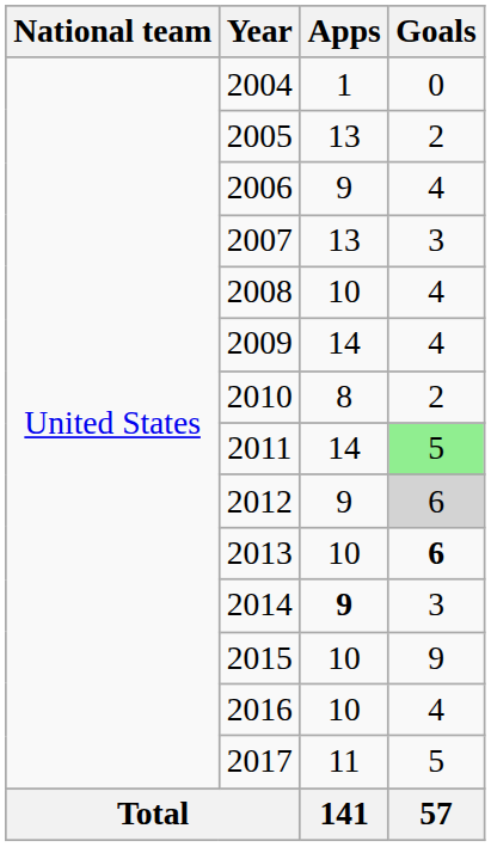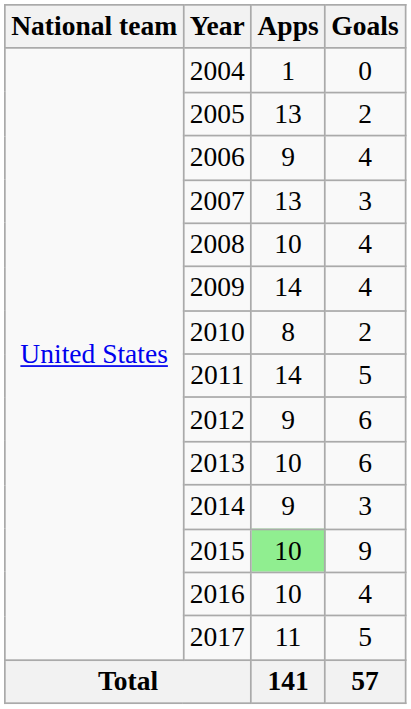 <table class="wikitable" style="text-align:center">
 <tr>
 <th>National team</th>
 <th>Year</th>
 <th>Apps</th>
 <th>Goals</th>
 </tr>
 <tr>
 <td rowspan="14"><a href='#'>United States</a></td>
 <td>2004</td>
 <td>1</td>
 <td>0</td>
 </tr>
 <tr>
 <td>2005</td>
 <td>13</td>
 <td>2</td>
 </tr>
 <tr>
 <td>2006</td>
 <td>9</td>
 <td>4</td>
 </tr>
 <tr>
 <td>2007</td>
 <td>13</td>
 <td>3</td>
 </tr>
 <tr>
 <td>2008</td>
 <td>10</td>
 <td>4</td>
 </tr>
 <tr>
 <td>2009</td>
 <td>14</td>
 <td>4</td>
 </tr>
 <tr>
 <td>2010</td>
 <td>8</td>
 <td>2</td>
 </tr>
 <tr>
 <td>2011</td>
 <td>14</td>
-<td style="background: lightgreen;">5</td>
+<td>5</td>
 </tr>
 <tr>
 <td>2012</td>
 <td>9</td>
-<td style="background: lightgrey;">6</td>
+<td>6</td>
 </tr>
 <tr>
 <td>2013</td>
 <td>10</td>
-<td><strong>6</strong></td>
+<td>6</td>
 </tr>
 <tr>
 <td>2014</td>
-<td><strong>9</strong></td>
+<td>9</td>
 <td>3</td>
 </tr>
 <tr>
 <td>2015</td>
-<td>10</td>
+<td style="background: lightgreen;">10</td>
 <td>9</td>
 </tr>
 <tr>
 <td>2016</td>
 <td>10</td>
 <td>4</td>
 </tr>
 <tr>
 <td>2017</td>
 <td>11</td>
 <td>5</td>
 </tr>
 <tr>
 <th colspan="2">Total</th>
 <th>141</th>
 <th>57</th>
 </tr>
 </table>
